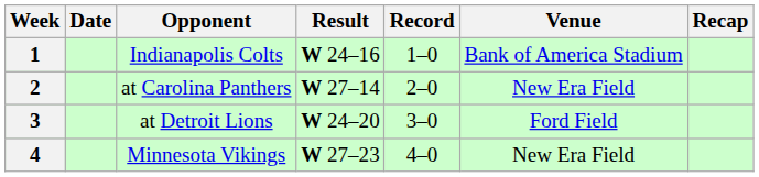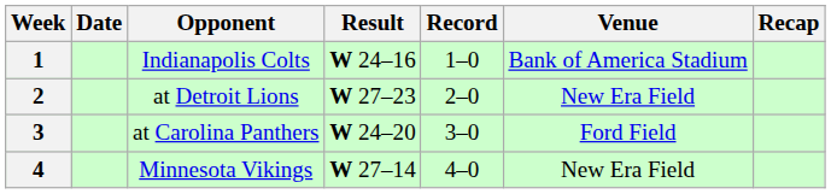 <table class="wikitable" style="text-align:center">
 <tr>
 <th>Week</th>
 <th>Date</th>
 <th>Opponent</th>
 <th>Result</th>
 <th>Record</th>
 <th>Venue</th>
 <th>Recap</th>
 </tr>
 <tr style="background:#cfc">
 <th>1</th>
 <td></td>
 <td><a href='#'>Indianapolis Colts</a></td>
 <td><strong>W</strong> 24–16</td>
 <td>1–0</td>
 <td><a href='#'>Bank of America Stadium</a></td>
 <td></td>
 </tr>
 <tr style="background:#cfc">
 <th>2</th>
 <td></td>
-<td>at <a href='#'>Carolina Panthers</a></td>
-<td><strong>W</strong> 27–14</td>
+<td>at <a href='#'>Detroit Lions</a></td>
+<td><strong>W</strong> 27–23</td>
 <td>2–0</td>
 <td><a href='#'>New Era Field</a></td>
 <td></td>
 </tr>
 <tr style="background:#cfc">
 <th>3</th>
 <td></td>
-<td>at <a href='#'>Detroit Lions</a></td>
+<td>at <a href='#'>Carolina Panthers</a></td>
 <td><strong>W</strong> 24–20</td>
 <td>3–0</td>
 <td><a href='#'>Ford Field</a></td>
 <td></td>
 </tr>
 <tr style="background:#cfc">
 <th>4</th>
 <td></td>
 <td><a href='#'>Minnesota Vikings</a></td>
-<td><strong>W</strong> 27–23</td>
+<td><strong>W</strong> 27–14</td>
 <td>4–0</td>
 <td>New Era Field</td>
 <td></td>
 </tr>
 </table>
